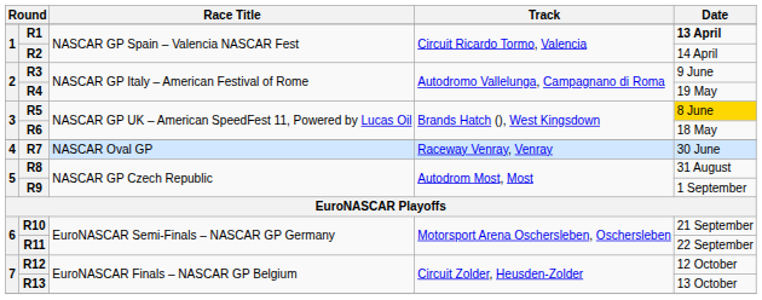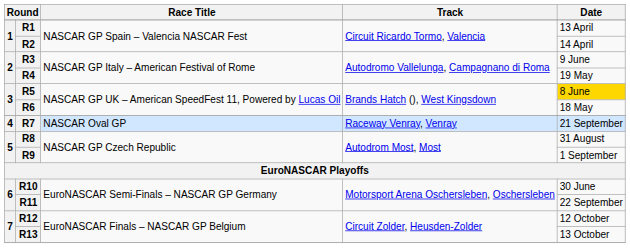 <table class="wikitable" style="font-size:85%;">
 <tr>
 <th colspan=2>Round</th>
 <th>Race Title</th>
 <th>Track</th>
 <th>Date</th>
 </tr>
 <tr>
 </tr>
 <tr>
 <th rowspan=2>1</th>
 <th>R1</th>
 <td rowspan=2 nowrap>NASCAR GP Spain – Valencia NASCAR Fest</td>
 <td rowspan=2 nowrap> <a href='#'>Circuit Ricardo Tormo</a>, <a href='#'>Valencia</a></td>
-<td><strong>13 April</strong></td>
+<td>13 April</td>
 </tr>
 <tr>
 <th>R2</th>
 <td>14 April</td>
 </tr>
 <tr>
 <th rowspan=2>2</th>
 <th>R3</th>
 <td rowspan=2 nowrap>NASCAR GP Italy – American Festival of Rome</td>
 <td rowspan=2 nowrap> <a href='#'>Autodromo Vallelunga</a>, <a href='#'>Campagnano di Roma</a></td>
 <td>9 June</td>
 </tr>
 <tr>
 <th>R4</th>
 <td>19 May</td>
 </tr>
 <tr>
 <th rowspan=2>3</th>
 <th>R5</th>
 <td rowspan=2 nowrap>NASCAR GP UK – American SpeedFest 11, Powered by <a href='#'>Lucas Oil</a></td>
 <td rowspan=2 nowrap> <a href='#'>Brands Hatch</a> (), <a href='#'>West Kingsdown</a></td>
 <td style="background: gold;">8 June</td>
 </tr>
 <tr>
 <th>R6</th>
 <td>18 May</td>
 </tr>
 <tr>
 </tr>
 <tr style="background:#D0E7FF;">
 <th>4</th>
 <th>R7</th>
 <td nowrap>NASCAR Oval GP</td>
 <td nowrap> <a href='#'>Raceway Venray</a>, <a href='#'>Venray</a></td>
-<td>30 June</td>
+<td nowrap>21 September</td>
 </tr>
 <tr>
 <th rowspan=2>5</th>
 <th>R8</th>
 <td rowspan=2 nowrap>NASCAR GP Czech Republic</td>
 <td rowspan=2 nowrap> <a href='#'>Autodrom Most</a>, <a href='#'>Most</a></td>
 <td>31 August</td>
 </tr>
 <tr>
 <th>R9</th>
 <td>1 September</td>
 </tr>
 <tr>
 <th colspan="5">EuroNASCAR Playoffs</th>
 </tr>
 <tr>
 <th rowspan=2>6</th>
 <th>R10</th>
 <td rowspan=2 nowrap>EuroNASCAR Semi-Finals – NASCAR GP Germany</td>
 <td rowspan=2 nowrap> <a href='#'>Motorsport Arena Oschersleben</a>, <a href='#'>Oschersleben</a></td>
-<td nowrap>21 September</td>
+<td>30 June</td>
 </tr>
 <tr>
 <th>R11</th>
 <td nowrap>22 September</td>
 </tr>
 <tr>
 <th rowspan=2>7</th>
 <th>R12</th>
 <td rowspan=2 nowrap>EuroNASCAR Finals – NASCAR GP Belgium</td>
 <td rowspan=2 nowrap> <a href='#'>Circuit Zolder</a>, <a href='#'>Heusden-Zolder</a></td>
 <td>12 October</td>
 </tr>
 <tr>
 <th>R13</th>
 <td>13 October</td>
 </tr>
 <tr>
 </tr>
 </table>
